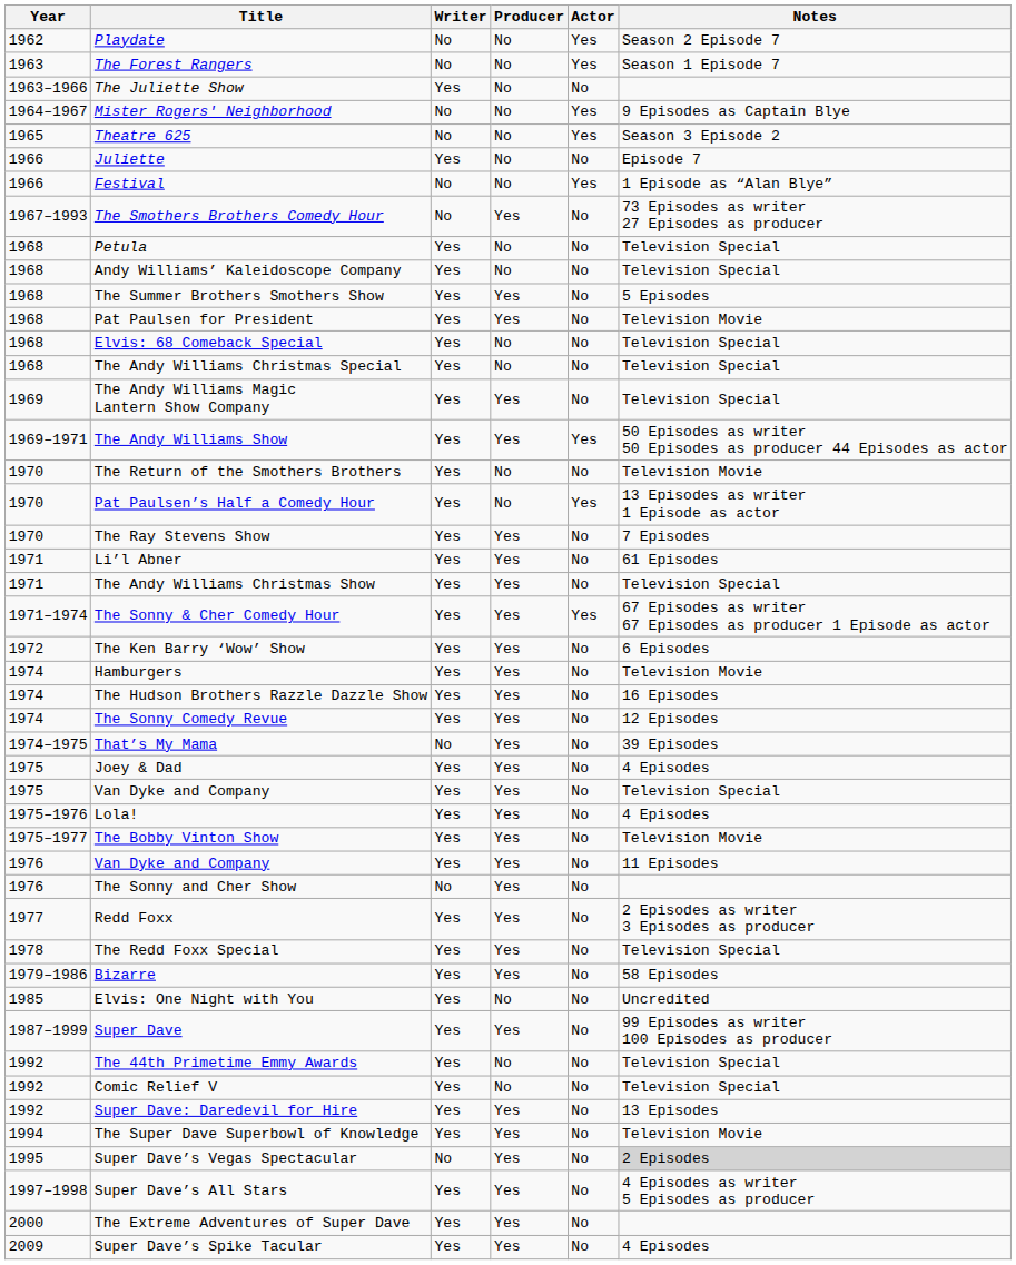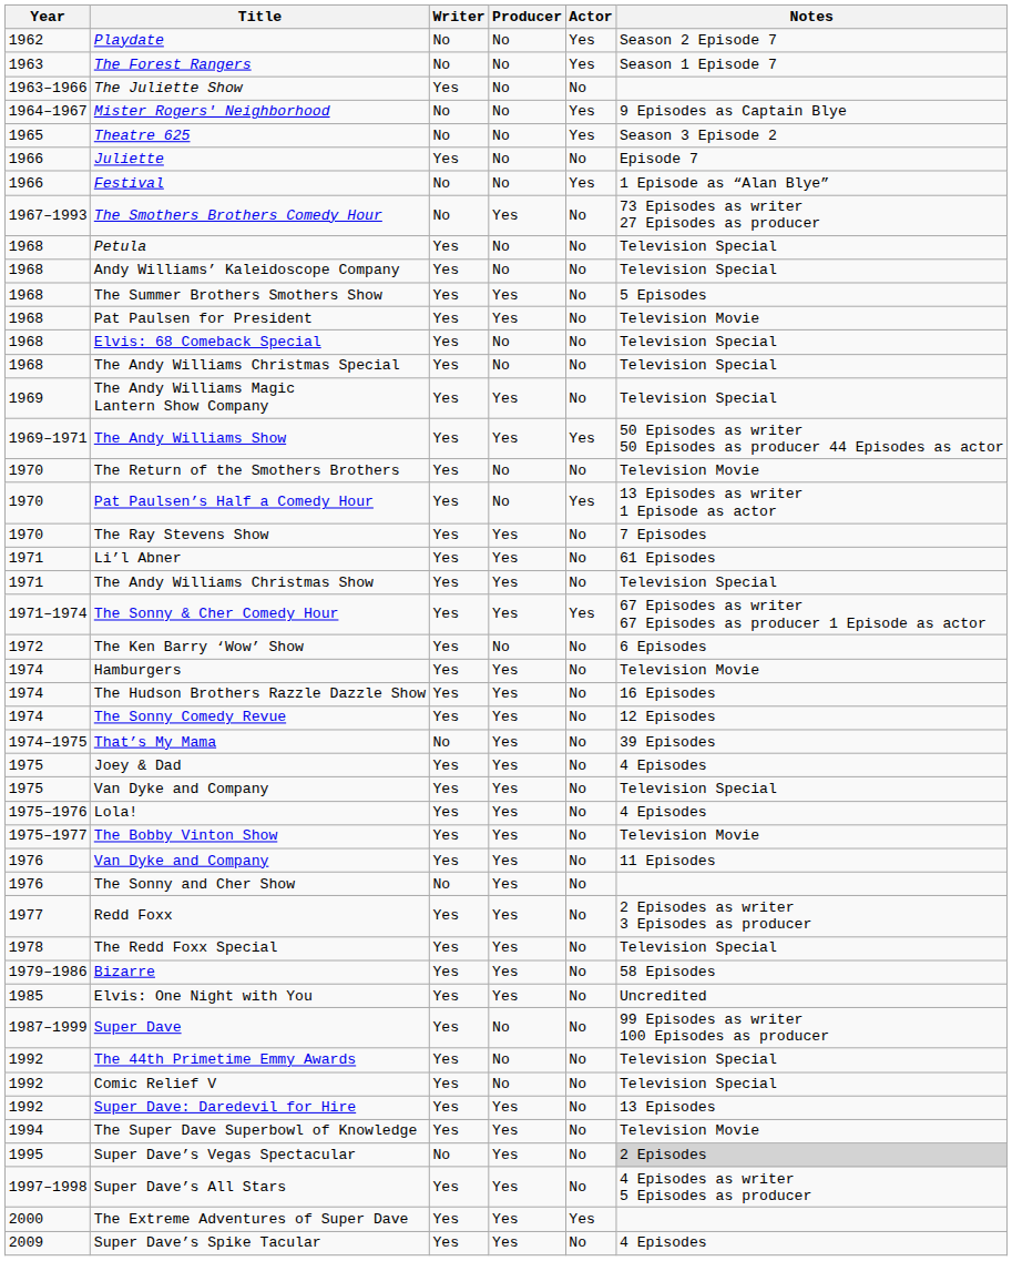 <table class="wikitable">
 <tr>
 <th>Year</th>
 <th>Title</th>
 <th>Writer</th>
 <th>Producer</th>
 <th>Actor</th>
 <th>Notes</th>
 </tr>
 <tr>
 <td>1962</td>
 <td><em><a href='#'>Playdate</a></em></td>
 <td>No</td>
 <td>No</td>
 <td>Yes</td>
 <td>Season 2 Episode 7</td>
 </tr>
 <tr>
 <td>1963</td>
 <td><em><a href='#'>The Forest Rangers</a></em></td>
 <td>No</td>
 <td>No</td>
 <td>Yes</td>
 <td>Season 1 Episode 7</td>
 </tr>
 <tr>
 <td>1963–1966</td>
 <td><em>The Juliette Show</em></td>
 <td>Yes</td>
 <td>No</td>
 <td>No</td>
 <td></td>
 </tr>
 <tr>
 <td>1964–1967</td>
 <td><em><a href='#'>Mister Rogers' Neighborhood</a></em></td>
 <td>No</td>
 <td>No</td>
 <td>Yes</td>
 <td>9 Episodes as Captain Blye</td>
 </tr>
 <tr>
 <td>1965</td>
 <td><em><a href='#'>Theatre 625</a></em></td>
 <td>No</td>
 <td>No</td>
 <td>Yes</td>
 <td>Season 3 Episode 2</td>
 </tr>
 <tr>
 <td>1966</td>
 <td><em><a href='#'>Juliette</a></em></td>
 <td>Yes</td>
 <td>No</td>
 <td>No</td>
 <td>Episode 7</td>
 </tr>
 <tr>
 <td>1966</td>
 <td><em><a href='#'>Festival</a></em></td>
 <td>No</td>
 <td>No</td>
 <td>Yes</td>
 <td>1 Episode as “Alan Blye”</td>
 </tr>
 <tr>
 <td>1967–1993</td>
 <td><em><a href='#'>The Smothers Brothers Comedy Hour</a></em></td>
 <td>No</td>
 <td>Yes</td>
 <td>No</td>
 <td>73 Episodes as writer<br>27 Episodes as producer</td>
 </tr>
 <tr>
 <td>1968</td>
 <td><em>Petula</em></td>
 <td>Yes</td>
 <td>No</td>
 <td>No</td>
 <td>Television Special</td>
 </tr>
 <tr>
 <td>1968</td>
 <td>Andy Williams’ Kaleidoscope Company</td>
 <td>Yes</td>
 <td>No</td>
 <td>No</td>
 <td>Television Special</td>
 </tr>
 <tr>
 <td>1968</td>
 <td>The Summer Brothers Smothers Show</td>
 <td>Yes</td>
 <td>Yes</td>
 <td>No</td>
 <td>5 Episodes</td>
 </tr>
 <tr>
 <td>1968</td>
 <td>Pat Paulsen for President</td>
 <td>Yes</td>
 <td>Yes</td>
 <td>No</td>
 <td>Television Movie</td>
 </tr>
 <tr>
 <td>1968</td>
 <td><a href='#'>Elvis: 68 Comeback Special</a></td>
 <td>Yes</td>
 <td>No</td>
 <td>No</td>
 <td>Television Special</td>
 </tr>
 <tr>
 <td>1968</td>
 <td>The Andy Williams Christmas Special</td>
 <td>Yes</td>
 <td>No</td>
 <td>No</td>
 <td>Television Special</td>
 </tr>
 <tr>
 <td>1969</td>
 <td>The Andy Williams Magic<br>Lantern Show Company</td>
 <td>Yes</td>
 <td>Yes</td>
 <td>No</td>
 <td>Television Special</td>
 </tr>
 <tr>
 <td>1969–1971</td>
 <td><a href='#'>The Andy Williams Show</a></td>
 <td>Yes</td>
 <td>Yes</td>
 <td>Yes</td>
 <td>50 Episodes as writer<br>50 Episodes as producer 44 Episodes as actor</td>
 </tr>
 <tr>
 <td>1970</td>
 <td>The Return of the Smothers Brothers</td>
 <td>Yes</td>
 <td>No</td>
 <td>No</td>
 <td>Television Movie</td>
 </tr>
 <tr>
 <td>1970</td>
 <td><a href='#'>Pat Paulsen’s Half a Comedy Hour</a></td>
 <td>Yes</td>
 <td>No</td>
 <td>Yes</td>
 <td>13 Episodes as writer<br>1 Episode as actor</td>
 </tr>
 <tr>
 <td>1970</td>
 <td>The Ray Stevens Show</td>
 <td>Yes</td>
 <td>Yes</td>
 <td>No</td>
 <td>7 Episodes</td>
 </tr>
 <tr>
 <td>1971</td>
 <td>Li’l Abner</td>
 <td>Yes</td>
 <td>Yes</td>
 <td>No</td>
 <td>61 Episodes</td>
 </tr>
 <tr>
 <td>1971</td>
 <td>The Andy Williams Christmas Show</td>
 <td>Yes</td>
 <td>Yes</td>
 <td>No</td>
 <td>Television Special</td>
 </tr>
 <tr>
 <td>1971–1974</td>
 <td><a href='#'>The Sonny & Cher Comedy Hour</a></td>
 <td>Yes</td>
 <td>Yes</td>
 <td>Yes</td>
 <td>67 Episodes as writer<br>67 Episodes as producer 1 Episode as actor</td>
 </tr>
 <tr>
 <td>1972</td>
 <td>The Ken Barry ‘Wow’ Show</td>
 <td>Yes</td>
-<td>Yes</td>
+<td>No</td>
 <td>No</td>
 <td>6 Episodes</td>
 </tr>
 <tr>
 <td>1974</td>
 <td>Hamburgers</td>
 <td>Yes</td>
 <td>Yes</td>
 <td>No</td>
 <td>Television Movie</td>
 </tr>
 <tr>
 <td>1974</td>
 <td>The Hudson Brothers Razzle Dazzle Show</td>
 <td>Yes</td>
 <td>Yes</td>
 <td>No</td>
 <td>16 Episodes</td>
 </tr>
 <tr>
 <td>1974</td>
 <td><a href='#'>The Sonny Comedy Revue</a></td>
 <td>Yes</td>
 <td>Yes</td>
 <td>No</td>
 <td>12 Episodes</td>
 </tr>
 <tr>
 <td>1974–1975</td>
 <td><a href='#'>That’s My Mama</a></td>
 <td>No</td>
 <td>Yes</td>
 <td>No</td>
 <td>39 Episodes</td>
 </tr>
 <tr>
 <td>1975</td>
 <td>Joey & Dad</td>
 <td>Yes</td>
 <td>Yes</td>
 <td>No</td>
 <td>4 Episodes</td>
 </tr>
 <tr>
 <td>1975</td>
 <td>Van Dyke and Company</td>
 <td>Yes</td>
 <td>Yes</td>
 <td>No</td>
 <td>Television Special</td>
 </tr>
 <tr>
 <td>1975–1976</td>
 <td>Lola!</td>
 <td>Yes</td>
 <td>Yes</td>
 <td>No</td>
 <td>4 Episodes</td>
 </tr>
 <tr>
 <td>1975–1977</td>
 <td><a href='#'>The Bobby Vinton Show</a></td>
 <td>Yes</td>
 <td>Yes</td>
 <td>No</td>
 <td>Television Movie</td>
 </tr>
 <tr>
 <td>1976</td>
 <td><a href='#'>Van Dyke and Company</a></td>
 <td>Yes</td>
 <td>Yes</td>
 <td>No</td>
 <td>11 Episodes</td>
 </tr>
 <tr>
 <td>1976</td>
 <td>The Sonny and Cher Show</td>
 <td>No</td>
 <td>Yes</td>
 <td>No</td>
 <td></td>
 </tr>
 <tr>
 <td>1977</td>
 <td>Redd Foxx</td>
 <td>Yes</td>
 <td>Yes</td>
 <td>No</td>
 <td>2 Episodes as writer<br>3 Episodes as producer</td>
 </tr>
 <tr>
 <td>1978</td>
 <td>The Redd Foxx Special</td>
 <td>Yes</td>
 <td>Yes</td>
 <td>No</td>
 <td>Television Special</td>
 </tr>
 <tr>
 <td>1979–1986</td>
 <td><a href='#'>Bizarre</a></td>
 <td>Yes</td>
 <td>Yes</td>
 <td>No</td>
 <td>58 Episodes</td>
 </tr>
 <tr>
 <td>1985</td>
 <td>Elvis: One Night with You</td>
 <td>Yes</td>
-<td>No</td>
+<td>Yes</td>
 <td>No</td>
 <td>Uncredited</td>
 </tr>
 <tr>
 <td>1987–1999</td>
 <td><a href='#'>Super Dave</a></td>
 <td>Yes</td>
-<td>Yes</td>
+<td>No</td>
 <td>No</td>
 <td>99 Episodes as writer<br>100 Episodes as producer</td>
 </tr>
 <tr>
 <td>1992</td>
 <td><a href='#'>The 44th Primetime Emmy Awards</a></td>
 <td>Yes</td>
 <td>No</td>
 <td>No</td>
 <td>Television Special</td>
 </tr>
 <tr>
 <td>1992</td>
 <td>Comic Relief V</td>
 <td>Yes</td>
 <td>No</td>
 <td>No</td>
 <td>Television Special</td>
 </tr>
 <tr>
 <td>1992</td>
 <td><a href='#'>Super Dave: Daredevil for Hire</a></td>
 <td>Yes</td>
 <td>Yes</td>
 <td>No</td>
 <td>13 Episodes</td>
 </tr>
 <tr>
 <td>1994</td>
 <td>The Super Dave Superbowl of Knowledge</td>
 <td>Yes</td>
 <td>Yes</td>
 <td>No</td>
 <td>Television Movie</td>
 </tr>
 <tr>
 <td>1995</td>
 <td>Super Dave’s Vegas Spectacular</td>
 <td>No</td>
 <td>Yes</td>
 <td>No</td>
 <td style="background: lightgrey;">2 Episodes</td>
 </tr>
 <tr>
 <td>1997–1998</td>
 <td>Super Dave’s All Stars</td>
 <td>Yes</td>
 <td>Yes</td>
 <td>No</td>
 <td>4 Episodes as writer<br>5 Episodes as producer</td>
 </tr>
 <tr>
 <td>2000</td>
 <td>The Extreme Adventures of Super Dave</td>
 <td>Yes</td>
 <td>Yes</td>
-<td>No</td>
+<td>Yes</td>
 <td></td>
 </tr>
 <tr>
 <td>2009</td>
 <td>Super Dave’s Spike Tacular</td>
 <td>Yes</td>
 <td>Yes</td>
 <td>No</td>
 <td>4 Episodes</td>
 </tr>
 </table>
